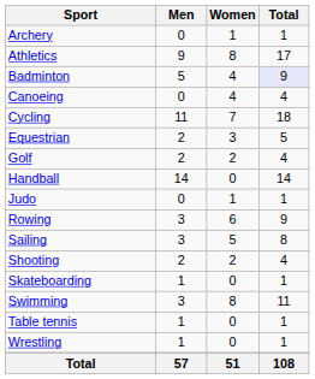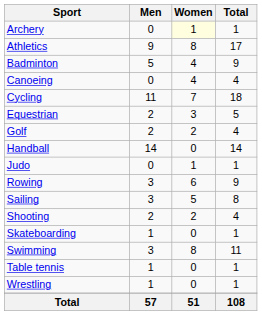 <table class="wikitable sortable" style="text-align:center;">
 <tr>
 <th width=180>Sport</th>
 <th width=55>Men</th>
 <th width=55>Women</th>
 <th width=55>Total</th>
 </tr>
 <tr>
 <td align=left><a href='#'>Archery</a></td>
 <td>0</td>
-<td>1</td>
+<td style="background: lightyellow;">1</td>
 <td>1</td>
 </tr>
 <tr>
 <td align=left><a href='#'>Athletics</a></td>
 <td>9</td>
 <td>8</td>
 <td>17</td>
 </tr>
 <tr>
 <td align=left><a href='#'>Badminton</a></td>
 <td>5</td>
 <td>4</td>
-<td style="background: lavender;">9</td>
+<td>9</td>
 </tr>
 <tr>
 <td align=left><a href='#'>Canoeing</a></td>
 <td>0</td>
 <td>4</td>
 <td>4</td>
 </tr>
 <tr>
 <td align=left><a href='#'>Cycling</a></td>
 <td>11</td>
 <td>7</td>
 <td>18</td>
 </tr>
 <tr>
 <td align=left><a href='#'>Equestrian</a></td>
 <td>2</td>
 <td>3</td>
 <td>5</td>
 </tr>
 <tr>
 <td align=left><a href='#'>Golf</a></td>
 <td>2</td>
 <td>2</td>
 <td>4</td>
 </tr>
 <tr>
 <td align=left><a href='#'>Handball</a></td>
 <td>14</td>
 <td>0</td>
 <td>14</td>
 </tr>
 <tr>
 <td align=left><a href='#'>Judo</a></td>
 <td>0</td>
 <td>1</td>
 <td>1</td>
 </tr>
 <tr>
 <td align=left><a href='#'>Rowing</a></td>
 <td>3</td>
 <td>6</td>
 <td>9</td>
 </tr>
 <tr>
 <td align=left><a href='#'>Sailing</a></td>
 <td>3</td>
 <td>5</td>
 <td>8</td>
 </tr>
 <tr>
 <td align=left><a href='#'>Shooting</a></td>
 <td>2</td>
 <td>2</td>
 <td>4</td>
 </tr>
 <tr>
 <td align=left><a href='#'>Skateboarding</a></td>
 <td>1</td>
 <td>0</td>
 <td>1</td>
 </tr>
 <tr>
 <td align=left><a href='#'>Swimming</a></td>
 <td>3</td>
 <td>8</td>
 <td>11</td>
 </tr>
 <tr>
 <td align=left><a href='#'>Table tennis</a></td>
 <td>1</td>
 <td>0</td>
 <td>1</td>
 </tr>
 <tr>
 <td align=left><a href='#'>Wrestling</a></td>
 <td>1</td>
 <td>0</td>
 <td>1</td>
 </tr>
 <tr>
 </tr>
 <tr class="sortbottom">
 <th>Total</th>
 <th>57</th>
 <th>51</th>
 <th>108</th>
 </tr>
 </table>
